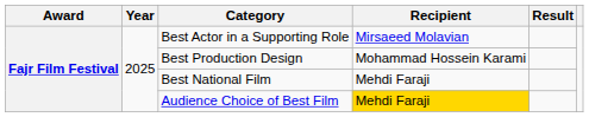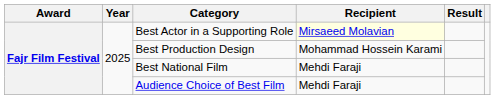 <table class="wikitable sortable plainrowheaders">
 <tr>
 <th scope="col">Award</th>
 <th scope="col">Year</th>
 <th scope="col">Category</th>
 <th scope="col">Recipient</th>
 <th scope="col">Result</th>
 <th class="unsortable" scope="col"></th>
 </tr>
 <tr>
 <th rowspan="4" scope="row"><a href='#'>Fajr Film Festival</a></th>
 <td rowspan="4">2025</td>
 <td>Best Actor in a Supporting Role</td>
-<td><a href='#'>Mirsaeed Molavian</a></td>
+<td style="background: lightyellow;"><a href='#'>Mirsaeed Molavian</a></td>
 <td></td>
 <td rowspan="4"></td>
 </tr>
 <tr>
 <td>Best Production Design</td>
 <td>Mohammad Hossein Karami</td>
 <td></td>
 </tr>
 <tr>
 <td>Best National Film</td>
 <td>Mehdi Faraji</td>
 <td></td>
 </tr>
 <tr>
 <td><a href='#'>Audience Choice of Best Film</a></td>
-<td style="background: gold;">Mehdi Faraji</td>
+<td>Mehdi Faraji</td>
 <td></td>
 </tr>
 </table>
